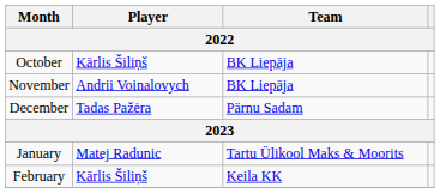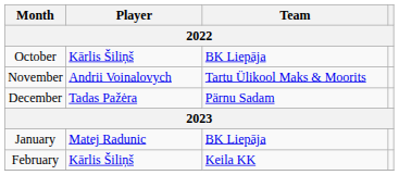 <table class="wikitable" style="text-align: center;">
 <tr>
 <th>Month</th>
 <th style="width:160px;">Player</th>
 <th style="width:220px;">Team</th>
 <th></th>
 </tr>
 <tr>
 <th colspan=5>2022</th>
 </tr>
 <tr>
 <td>October</td>
 <td align="left"> <a href='#'>Kārlis Šiliņš</a></td>
 <td align="left"> <a href='#'>BK Liepāja</a></td>
 <td></td>
 </tr>
 <tr>
 <td>November</td>
 <td align="left"> <a href='#'>Andrii Voinalovych</a></td>
-<td align="left"> <a href='#'>BK Liepāja</a></td>
+<td align="left"> <a href='#'>Tartu Ülikool Maks & Moorits</a></td>
 <td></td>
 </tr>
 <tr>
 <td>December</td>
 <td align="left"> <a href='#'>Tadas Pažėra</a></td>
 <td align="left"> <a href='#'>Pärnu Sadam</a></td>
 <td></td>
 </tr>
 <tr>
 <th colspan=5>2023</th>
 </tr>
 <tr>
 <td>January</td>
 <td align="left"> <a href='#'>Matej Radunic</a></td>
-<td align="left"> <a href='#'>Tartu Ülikool Maks & Moorits</a></td>
+<td align="left"> <a href='#'>BK Liepāja</a></td>
 <td></td>
 </tr>
 <tr>
 <td>February</td>
 <td align="left"> <a href='#'>Kārlis Šiliņš</a></td>
 <td align="left"> <a href='#'>Keila KK</a></td>
 <td></td>
 </tr>
 <tr>
 </tr>
 </table>
